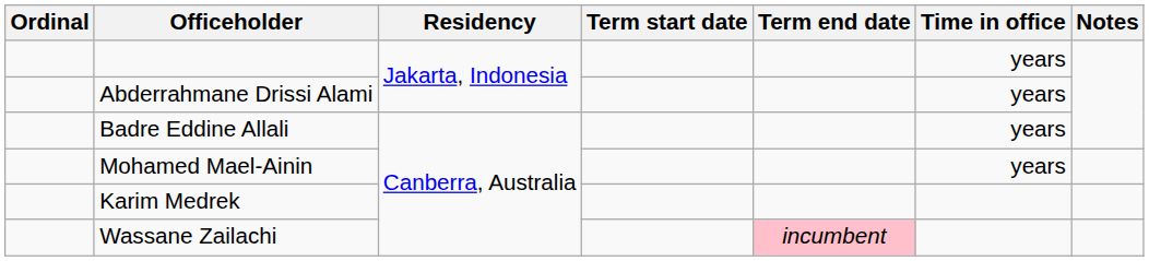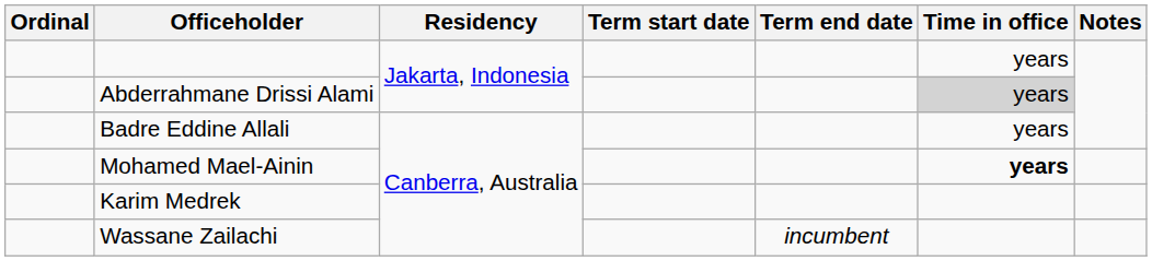 <table class='wikitable sortable'>
 <tr>
 <th>Ordinal</th>
 <th>Officeholder</th>
 <th>Residency</th>
 <th>Term start date</th>
 <th>Term end date</th>
 <th>Time in office</th>
 <th>Notes</th>
 </tr>
 <tr>
 <td align=center></td>
 <td></td>
 <td rowspan=2><a href='#'>Jakarta</a>, <a href='#'>Indonesia</a></td>
 <td align=center></td>
 <td align=center></td>
 <td align=right> years</td>
 <td rowspan=3></td>
 </tr>
 <tr>
 <td align=center></td>
 <td>Abderrahmane Drissi Alami</td>
 <td align=center></td>
 <td align=center></td>
-<td align=right> years</td>
+<td align=right style="background: lightgrey;"> years</td>
 </tr>
 <tr>
 <td align=center></td>
 <td>Badre Eddine Allali</td>
 <td rowspan=4><a href='#'>Canberra</a>, Australia</td>
 <td align=center></td>
 <td align=center></td>
 <td align=right> years</td>
 </tr>
 <tr>
 <td align=center></td>
 <td>Mohamed Mael-Ainin</td>
 <td align=center></td>
 <td align=center></td>
-<td align=right> years</td>
+<td align=right><strong> years</strong></td>
 <td></td>
 </tr>
 <tr>
 <td align=center></td>
 <td>Karim Medrek</td>
 <td align=center></td>
 <td align=center></td>
 <td align=right></td>
 <td></td>
 </tr>
 <tr>
 <td align=center></td>
 <td>Wassane Zailachi</td>
 <td align=center></td>
-<td align=center style="background: pink;"><em>incumbent</em></td>
+<td align=center><em>incumbent</em></td>
 <td align=right></td>
 <td></td>
 </tr>
 </table>
